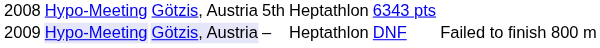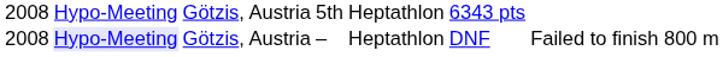 <table>
 <tr>
 <td>2008</td>
 <td><a href='#'>Hypo-Meeting</a></td>
 <td><a href='#'>Götzis</a>, Austria</td>
 <td>5th</td>
 <td>Heptathlon</td>
 <td><a href='#'>6343 pts</a></td>
 </tr>
 <tr>
-<td>2009</td>
+<td>2008</td>
 <td style="background: lavender;"><a href='#'>Hypo-Meeting</a></td>
-<td style="background: lavender;"><a href='#'>Götzis</a>, Austria</td>
+<td><a href='#'>Götzis</a>, Austria</td>
 <td>–</td>
 <td>Heptathlon</td>
 <td><a href='#'>DNF</a></td>
 <td>Failed to finish 800 m</td>
 </tr>
 </table>
